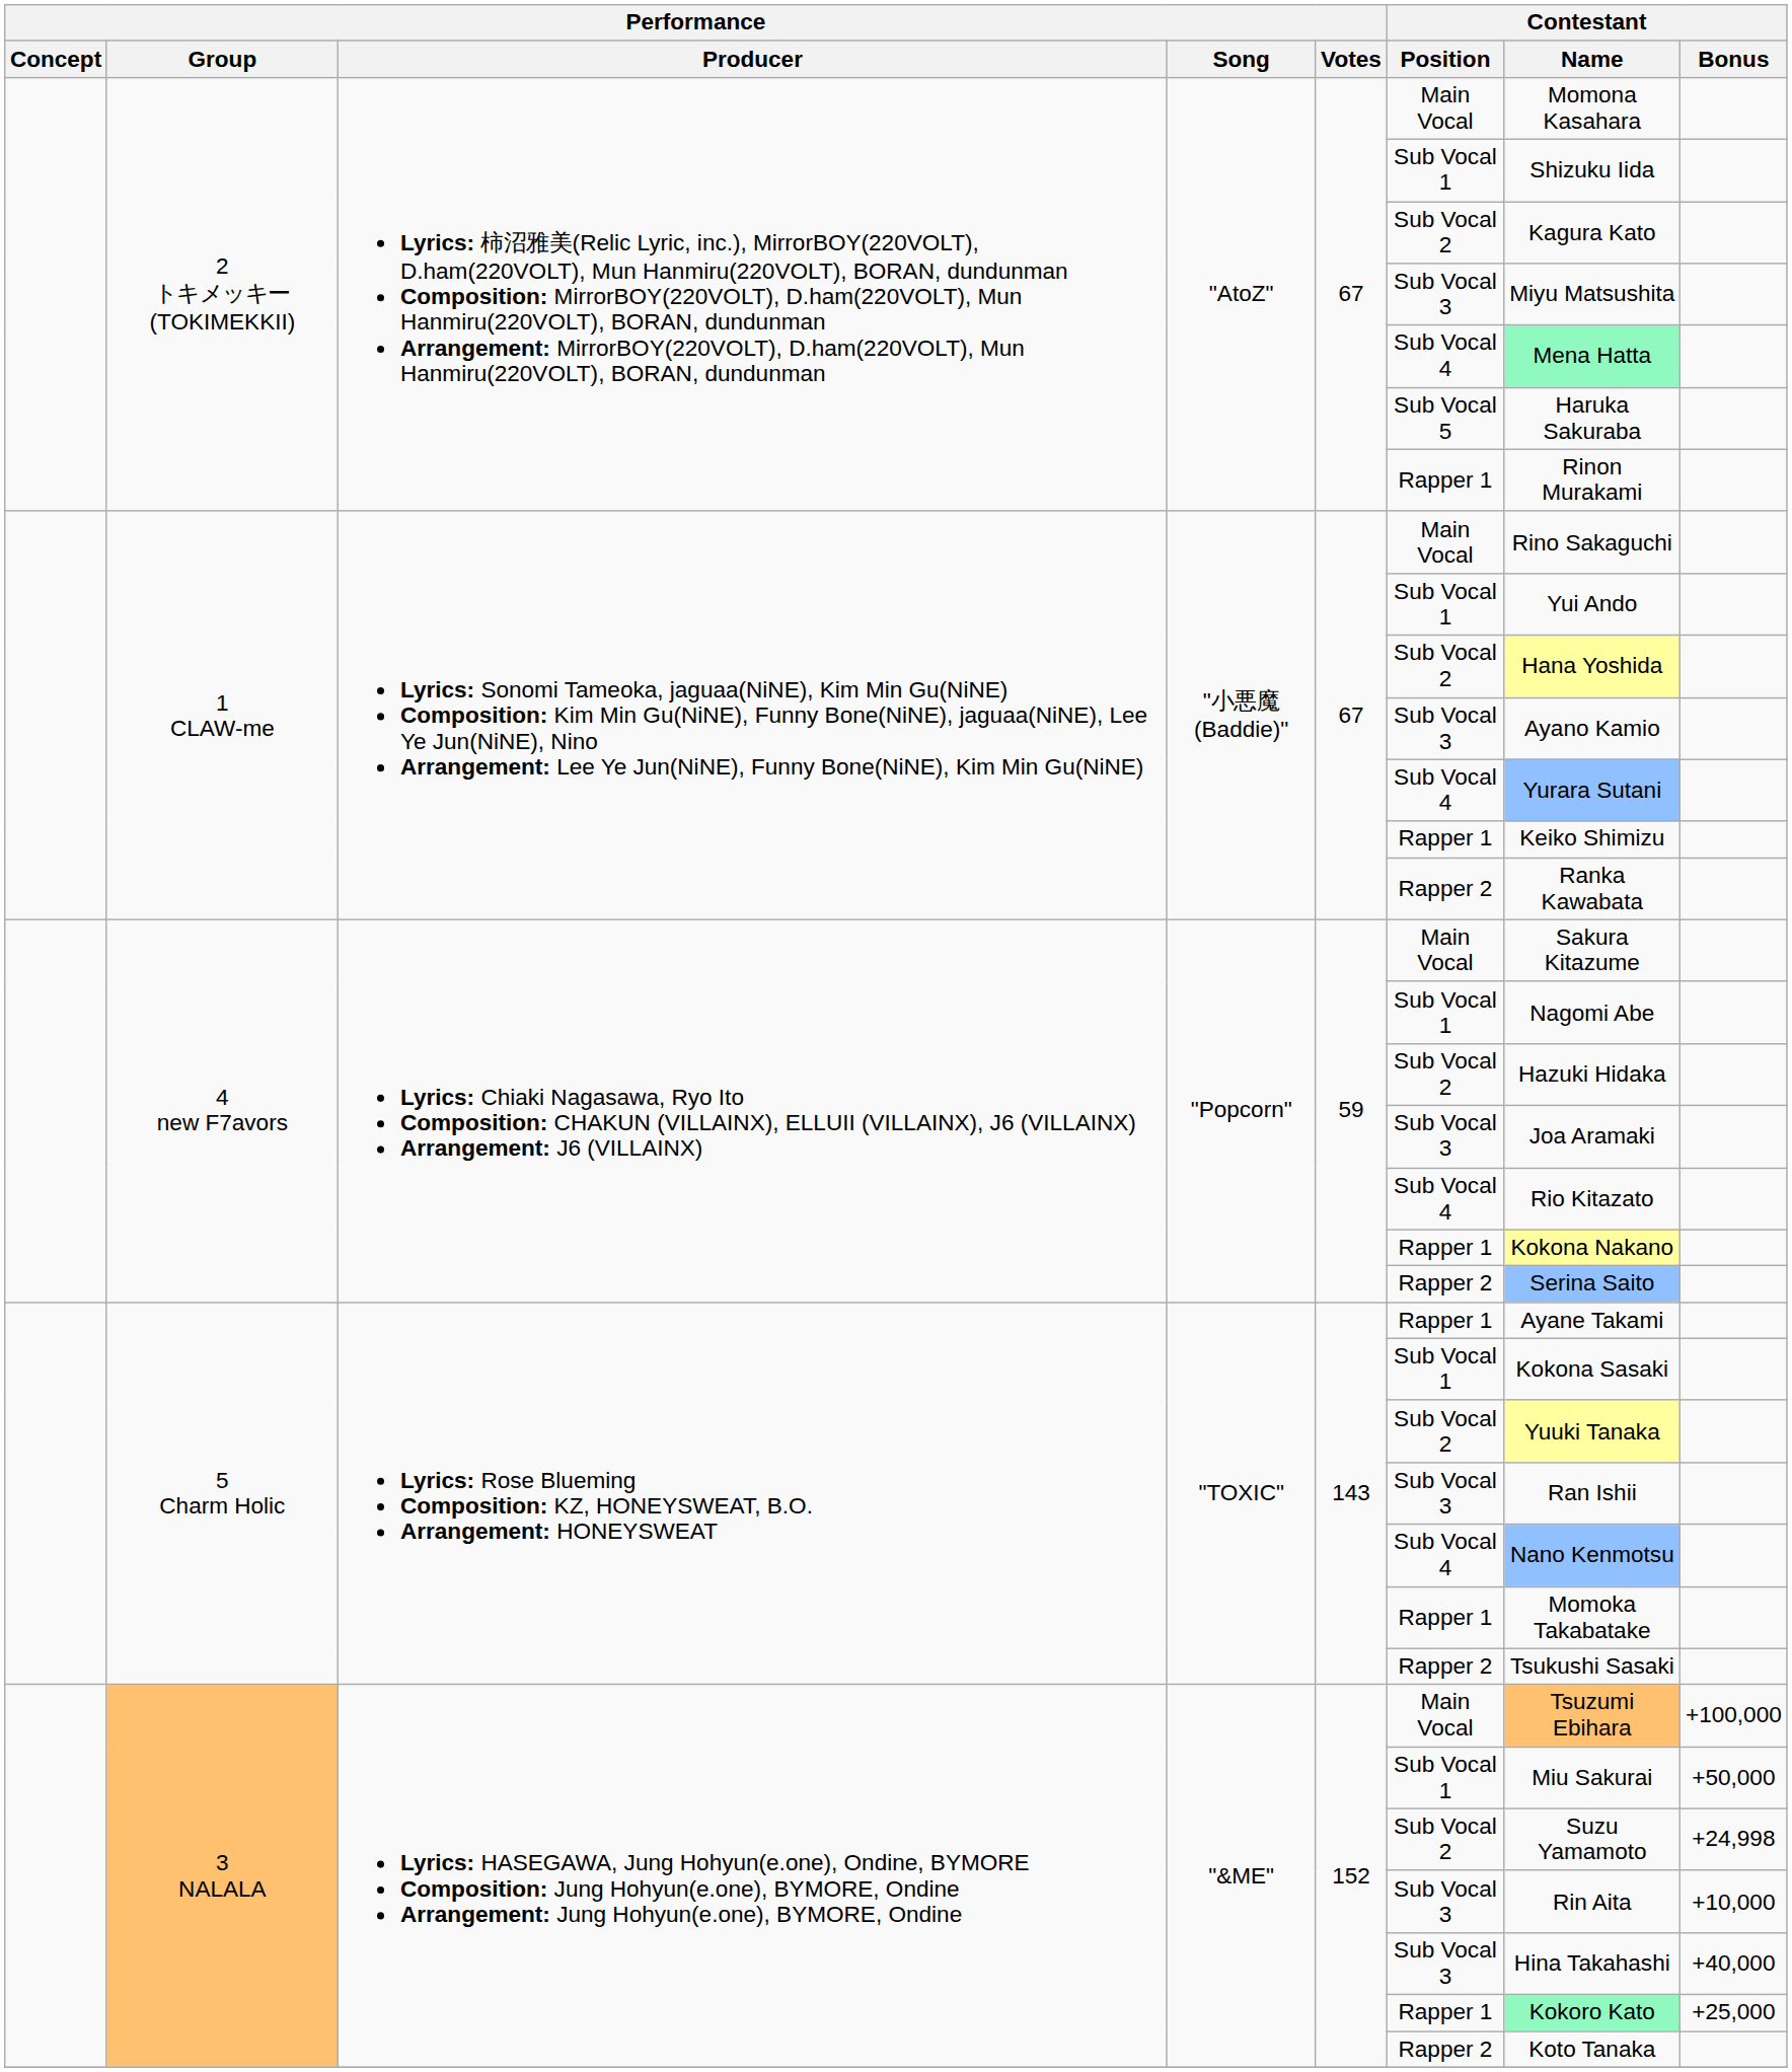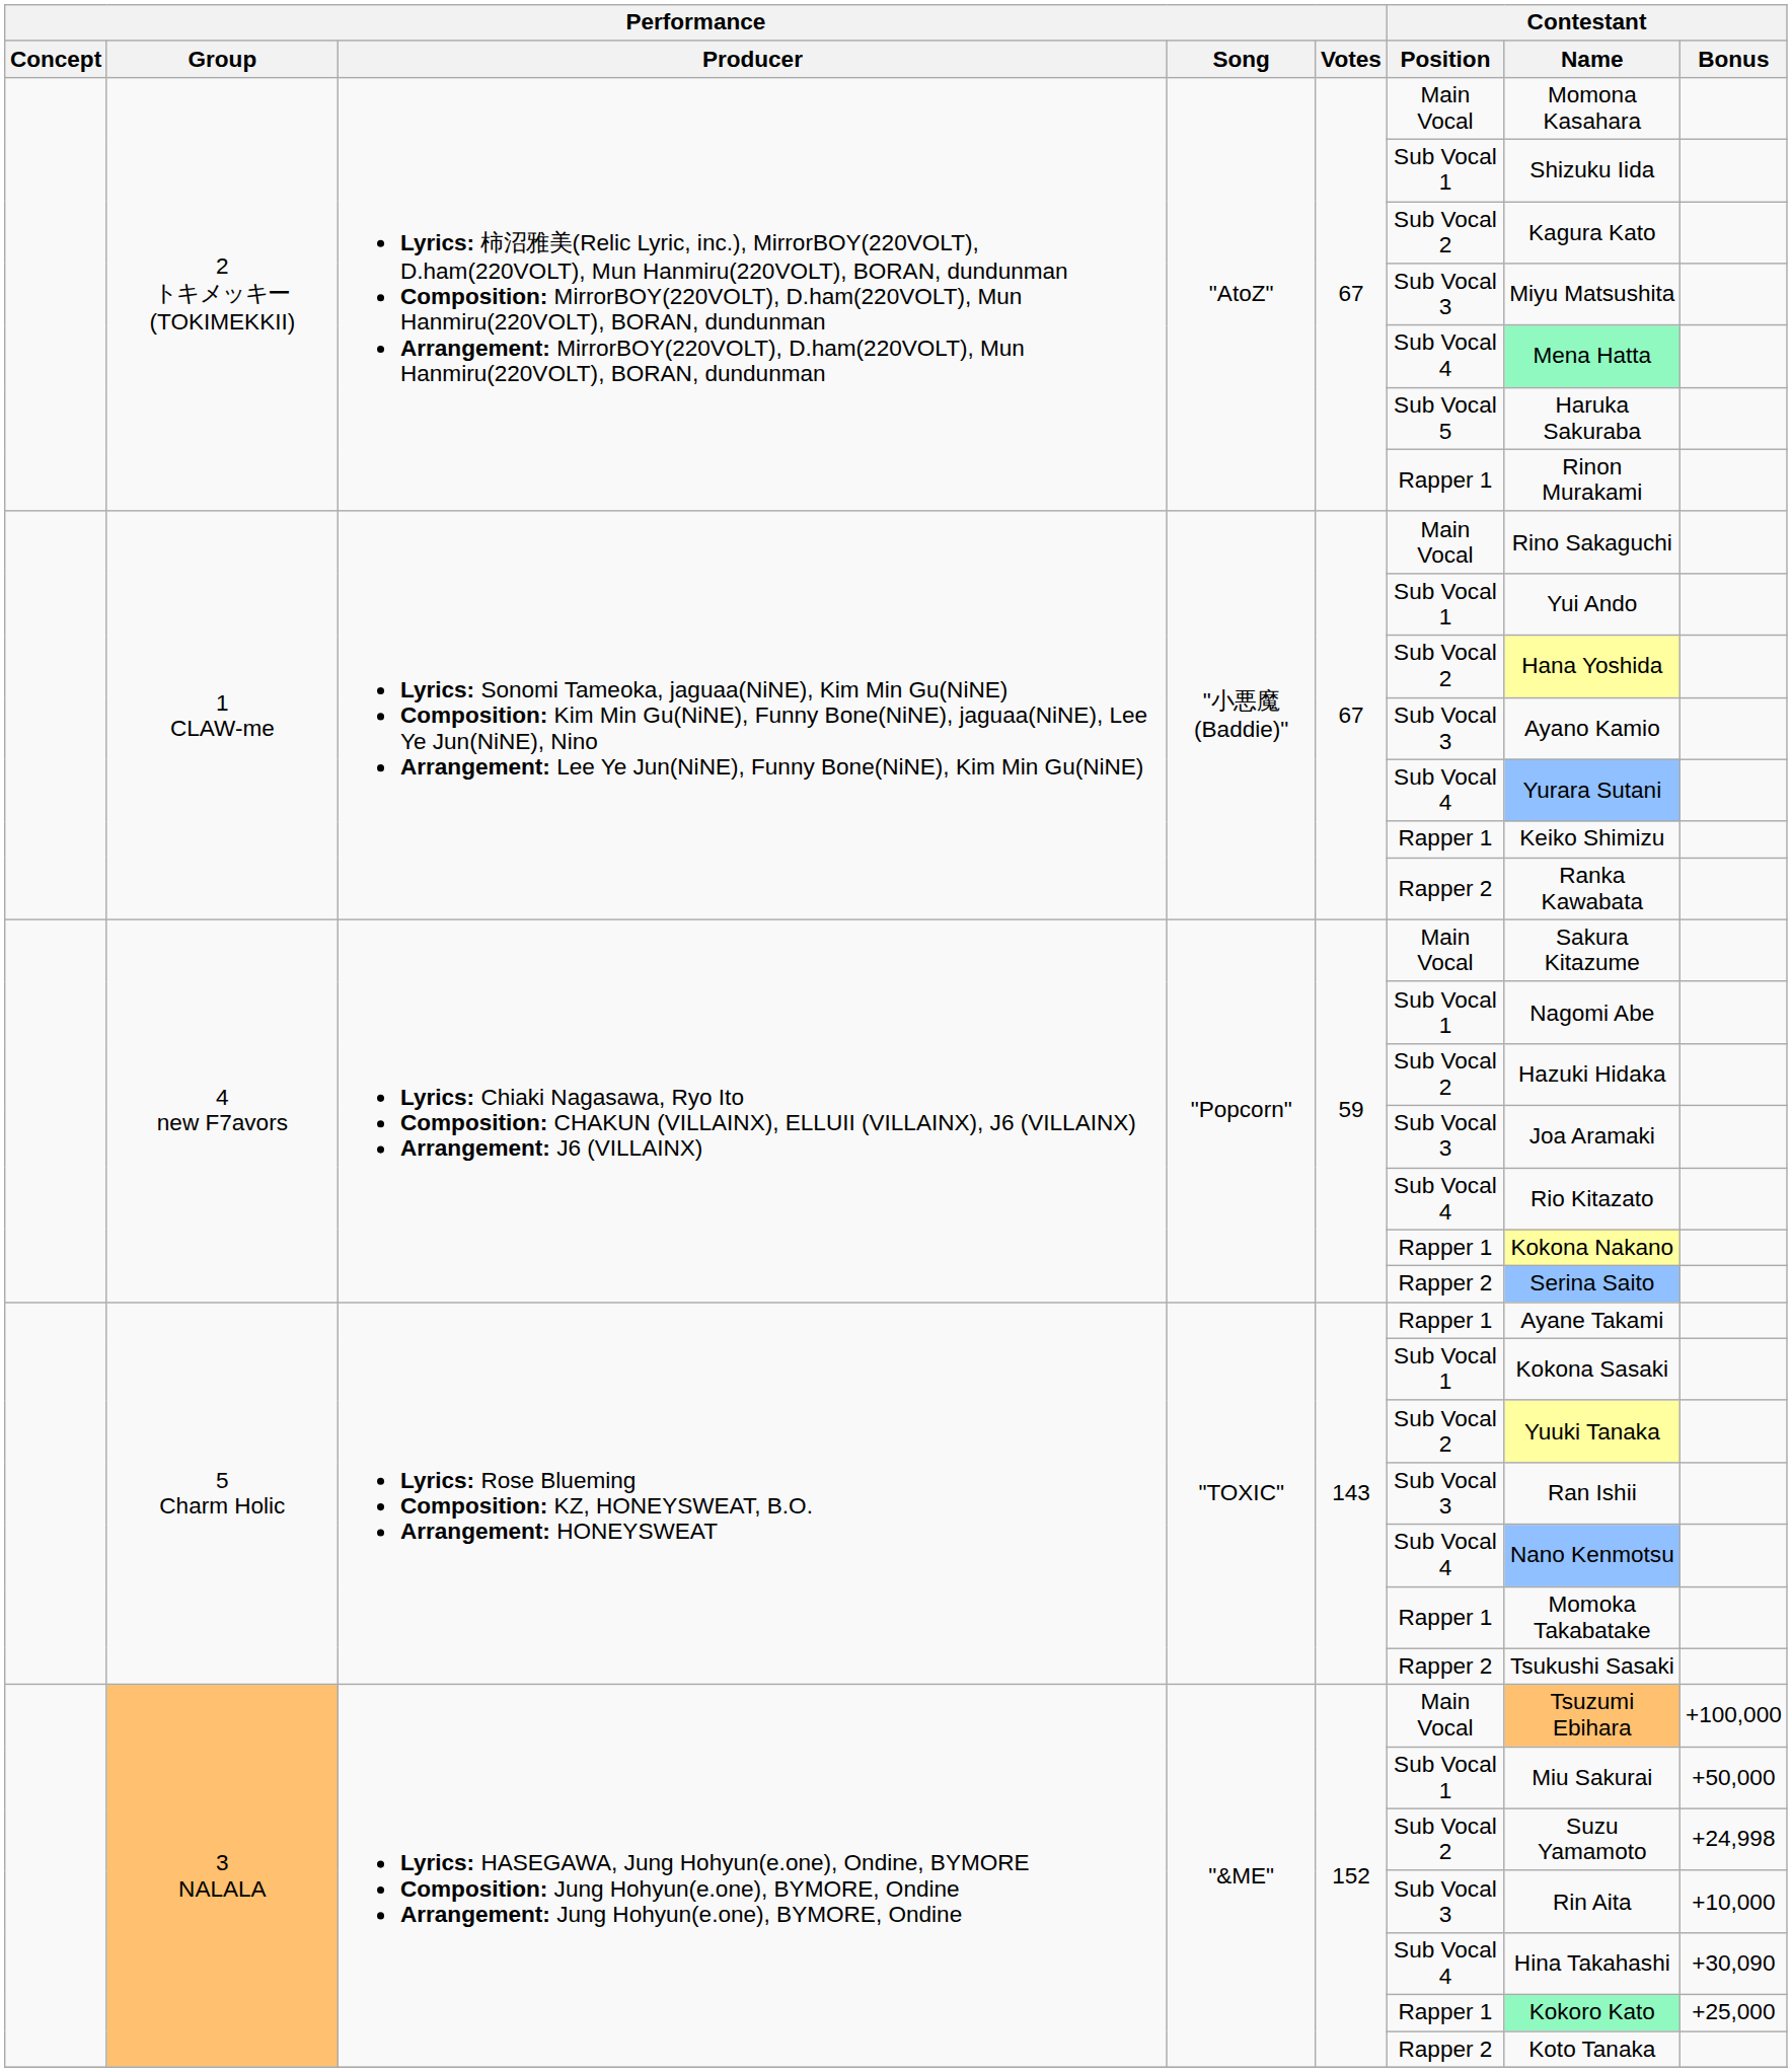 <table class="wikitable sortable" style="text-align:center">
 <tr>
 <th colspan="5">Performance</th>
 <th colspan="3">Contestant</th>
 </tr>
 <tr>
 <th>Concept</th>
 <th>Group</th>
 <th>Producer</th>
 <th>Song</th>
 <th>Votes</th>
 <th>Position</th>
 <th>Name</th>
 <th>Bonus</th>
 </tr>
 <tr>
 <td rowspan="7"></td>
 <td rowspan="7">2<br>トキメッキー (TOKIMEKKII)</td>
 <td rowspan="7" align="left"><br><ul><li><strong>Lyrics:</strong> 柿沼雅美(Relic Lyric, inc.), MirrorBOY(220VOLT), D.ham(220VOLT), Mun Hanmiru(220VOLT), BORAN, dundunman</li><li><strong>Composition:</strong> MirrorBOY(220VOLT), D.ham(220VOLT), Mun Hanmiru(220VOLT), BORAN, dundunman</li><li><strong>Arrangement:</strong> MirrorBOY(220VOLT), D.ham(220VOLT), Mun Hanmiru(220VOLT), BORAN, dundunman</li></ul></td>
 <td rowspan="7">"AtoZ"</td>
 <td rowspan="7">67</td>
 <td>Main Vocal</td>
 <td>Momona Kasahara</td>
 <td></td>
 </tr>
 <tr>
 <td>Sub Vocal 1</td>
 <td>Shizuku Iida</td>
 <td></td>
 </tr>
 <tr>
 <td>Sub Vocal 2</td>
 <td>Kagura Kato</td>
 <td></td>
 </tr>
 <tr>
 <td>Sub Vocal 3</td>
 <td>Miyu Matsushita</td>
 <td></td>
 </tr>
 <tr>
 <td>Sub Vocal 4</td>
 <td style="background:#90F9C0">Mena Hatta</td>
 <td></td>
 </tr>
 <tr>
 <td>Sub Vocal 5</td>
 <td>Haruka Sakuraba</td>
 <td></td>
 </tr>
 <tr>
 <td>Rapper 1</td>
 <td>Rinon Murakami</td>
 <td></td>
 </tr>
 <tr>
 <td rowspan="7"></td>
 <td rowspan="7">1<br>CLAW-me</td>
 <td rowspan="7" align="left"><br><ul><li><strong>Lyrics:</strong> Sonomi Tameoka, jaguaa(NiNE), Kim Min Gu(NiNE)</li><li><strong>Composition:</strong> Kim Min Gu(NiNE), Funny Bone(NiNE), jaguaa(NiNE), Lee Ye Jun(NiNE), Nino</li><li><strong>Arrangement:</strong> Lee Ye Jun(NiNE), Funny Bone(NiNE), Kim Min Gu(NiNE)</li></ul></td>
 <td rowspan="7">"小悪魔(Baddie)"</td>
 <td rowspan="7">67</td>
 <td>Main Vocal</td>
 <td>Rino Sakaguchi</td>
 <td></td>
 </tr>
 <tr>
 <td>Sub Vocal 1</td>
 <td>Yui Ando</td>
 <td></td>
 </tr>
 <tr>
 <td>Sub Vocal 2</td>
 <td style="background:#FFFF9F">Hana Yoshida</td>
 <td></td>
 </tr>
 <tr>
 <td>Sub Vocal 3</td>
 <td>Ayano Kamio</td>
 <td></td>
 </tr>
 <tr>
 <td>Sub Vocal 4</td>
 <td style="background:#90C0FF">Yurara Sutani</td>
 <td></td>
 </tr>
 <tr>
 <td>Rapper 1</td>
 <td>Keiko Shimizu</td>
 <td></td>
 </tr>
 <tr>
 <td>Rapper 2</td>
 <td>Ranka Kawabata</td>
 <td></td>
 </tr>
 <tr>
 <td rowspan="7"></td>
 <td rowspan="7">4<br>new F7avors</td>
 <td rowspan="7" align="left"><br><ul><li><strong>Lyrics:</strong> Chiaki Nagasawa, Ryo Ito</li><li><strong>Composition:</strong> CHAKUN (VILLAINX), ELLUII (VILLAINX), J6 (VILLAINX)</li><li><strong>Arrangement:</strong> J6 (VILLAINX)</li></ul></td>
 <td rowspan="7">"Popcorn"</td>
 <td rowspan="7">59</td>
 <td>Main Vocal</td>
 <td>Sakura Kitazume</td>
 <td></td>
 </tr>
 <tr>
 <td>Sub Vocal 1</td>
 <td>Nagomi Abe</td>
 <td></td>
 </tr>
 <tr>
 <td>Sub Vocal 2</td>
 <td>Hazuki Hidaka</td>
 <td></td>
 </tr>
 <tr>
 <td>Sub Vocal 3</td>
 <td>Joa Aramaki</td>
 <td></td>
 </tr>
 <tr>
 <td>Sub Vocal 4</td>
 <td>Rio Kitazato</td>
 <td></td>
 </tr>
 <tr>
 <td>Rapper 1</td>
 <td style="background:#FFFF9F">Kokona Nakano</td>
 <td></td>
 </tr>
 <tr>
 <td>Rapper 2</td>
 <td style="background:#90C0FF">Serina Saito</td>
 <td></td>
 </tr>
 <tr>
 <td rowspan="7"></td>
 <td rowspan="7">5<br>Charm Holic</td>
 <td rowspan="7" align="left"><br><ul><li><strong>Lyrics:</strong> Rose Blueming</li><li><strong>Composition:</strong> KZ, HONEYSWEAT, B.O.</li><li><strong>Arrangement:</strong> HONEYSWEAT</li></ul></td>
 <td rowspan="7">"TOXIC"</td>
 <td rowspan="7">143</td>
 <td>Rapper 1</td>
 <td>Ayane Takami</td>
 <td></td>
 </tr>
 <tr>
 <td>Sub Vocal 1</td>
 <td>Kokona Sasaki</td>
 <td></td>
 </tr>
 <tr>
 <td>Sub Vocal 2</td>
 <td style="background:#FFFF9F">Yuuki Tanaka</td>
 <td></td>
 </tr>
 <tr>
 <td>Sub Vocal 3</td>
 <td>Ran Ishii</td>
 <td></td>
 </tr>
 <tr>
 <td>Sub Vocal 4</td>
 <td style="background:#90C0FF">Nano Kenmotsu</td>
 <td></td>
 </tr>
 <tr>
 <td>Rapper 1</td>
 <td>Momoka Takabatake</td>
 <td></td>
 </tr>
 <tr>
 <td>Rapper 2</td>
 <td>Tsukushi Sasaki</td>
 <td></td>
 </tr>
 <tr>
 <td rowspan="7"></td>
 <td style="background:#FFC06F" rowspan="7">3<br>NALALA</td>
 <td rowspan="7" align="left"><br><ul><li><strong>Lyrics:</strong> HASEGAWA, Jung Hohyun(e.one), Ondine, BYMORE</li><li><strong>Composition:</strong> Jung Hohyun(e.one), BYMORE, Ondine</li><li><strong>Arrangement:</strong> Jung Hohyun(e.one), BYMORE, Ondine</li></ul></td>
 <td rowspan="7">"&ME"</td>
 <td rowspan="7">152</td>
 <td>Main Vocal</td>
 <td style="background:#FFC06F">Tsuzumi Ebihara</td>
 <td>+100,000</td>
 </tr>
 <tr>
 <td>Sub Vocal 1</td>
 <td>Miu Sakurai</td>
 <td>+50,000</td>
 </tr>
 <tr>
 <td>Sub Vocal 2</td>
 <td>Suzu Yamamoto</td>
 <td>+24,998</td>
 </tr>
 <tr>
 <td>Sub Vocal 3</td>
 <td>Rin Aita</td>
 <td>+10,000</td>
 </tr>
 <tr>
-<td>Sub Vocal 3</td>
+<td>Sub Vocal 4</td>
 <td>Hina Takahashi</td>
-<td>+40,000</td>
+<td>+30,090</td>
 </tr>
 <tr>
 <td>Rapper 1</td>
 <td style="background:#90F9C0">Kokoro Kato</td>
 <td>+25,000</td>
 </tr>
 <tr>
 <td>Rapper 2</td>
 <td>Koto Tanaka</td>
 <td></td>
 </tr>
 <tr>
 </tr>
 </table>
